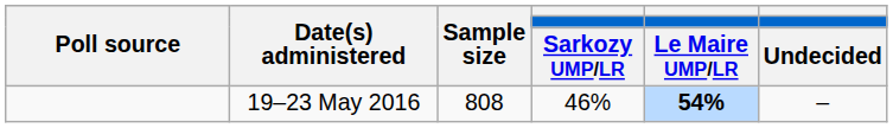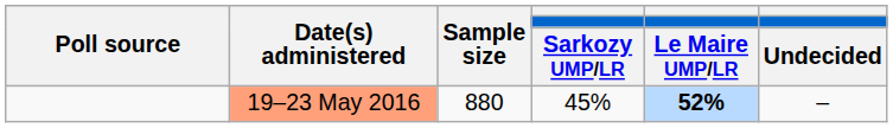 <table class="wikitable" style="text-align:center;font-size:85%;line-height:14px;">
 <tr bgcolor=lightgray>
 <th rowspan="3" style="width:125px;">Poll source</th>
 <th rowspan="3" style="width:115px;">Date(s)<br>administered</th>
 <th rowspan="3" style="width:40px;">Sample size</th>
 <th style="width:60px;"></th>
 <th style="width:60px;"></th>
 <th style="width:60px;"></th>
 </tr>
 <tr>
 <td bgcolor=#0066CC></td>
 <td bgcolor=#0066CC></td>
 <td bgcolor=#0066CC></td>
 </tr>
 <tr>
 <th><a href='#'>Sarkozy</a><br><small><a href='#'>UMP</a>/<a href='#'>LR</a></small></th>
 <th><a href='#'>Le Maire</a><br><small><a href='#'>UMP</a>/<a href='#'>LR</a></small></th>
 <th>Undecided</th>
 </tr>
 <tr>
 <td></td>
-<td>19–23 May 2016</td>
-<td>808</td>
-<td>46%</td>
-<td bgcolor=B9DAFF><strong>54%</strong></td>
+<td style="background: lightsalmon;">19–23 May 2016</td>
+<td>880</td>
+<td>45%</td>
+<td bgcolor=B9DAFF><strong>52%</strong></td>
 <td>–</td>
 </tr>
 </table>
